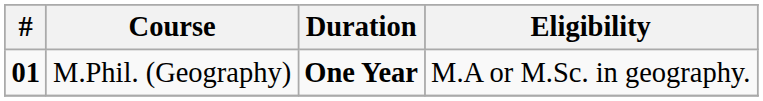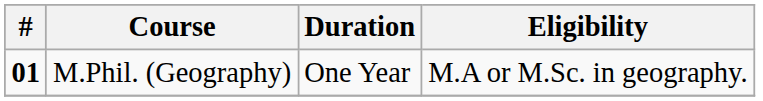 <table class="wikitable sortable">
 <tr>
 <th>#</th>
 <th>Course</th>
 <th>Duration</th>
 <th>Eligibility</th>
 </tr>
 <tr>
 <td><strong>01</strong></td>
 <td>M.Phil. (Geography)</td>
-<td><strong>One Year</strong></td>
+<td>One Year</td>
 <td>M.A or M.Sc. in geography.</td>
 </tr>
 <tr>
 </tr>
 </table>
